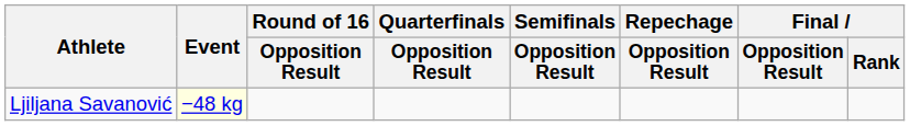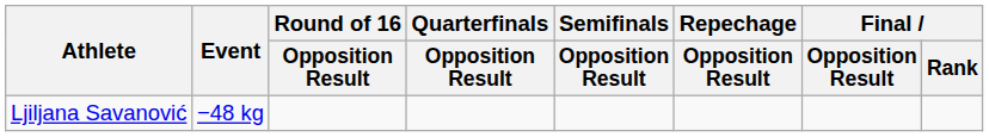 <table class="wikitable" style="font-size:90%">
 <tr>
 <th rowspan="2">Athlete</th>
 <th rowspan="2">Event</th>
 <th>Round of 16</th>
 <th>Quarterfinals</th>
 <th>Semifinals</th>
 <th>Repechage</th>
 <th colspan=2>Final / </th>
 </tr>
 <tr style="font-size:95%">
 <th>Opposition<br>Result</th>
 <th>Opposition<br>Result</th>
 <th>Opposition<br>Result</th>
 <th>Opposition<br>Result</th>
 <th>Opposition<br>Result</th>
 <th>Rank</th>
 </tr>
 <tr align=center>
 <td align=left><a href='#'>Ljiljana Savanović</a></td>
-<td align=left style="background: lightyellow;"><a href='#'>−48 kg</a></td>
+<td align=left><a href='#'>−48 kg</a></td>
 <td></td>
 <td></td>
 <td></td>
 <td></td>
 <td></td>
 <td></td>
 </tr>
 </table>
